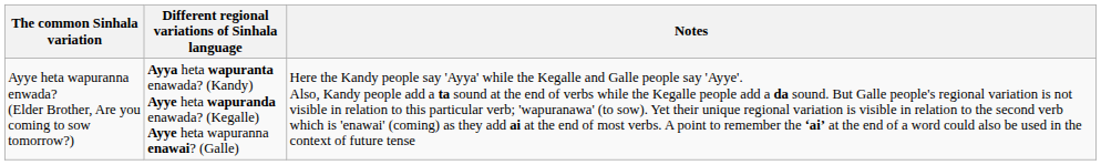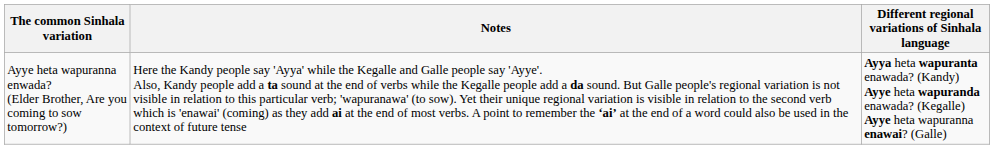 <table class="wikitable">
 <tr>
 <th>The common Sinhala variation</th>
+<th>Notes</th>
 <th>Different regional variations of Sinhala language</th>
-<th>Notes</th>
 </tr>
 <tr>
 <td>Ayye heta wapuranna enwada?<br>(Elder Brother, Are you coming to sow tomorrow?)</td>
+<td>Here the Kandy people say 'Ayya' while the Kegalle and Galle people say 'Ayye'.<br>Also, Kandy people add a <strong>ta</strong> sound at the end of verbs while the Kegalle people add a <strong>da</strong> sound. But Galle people's regional variation is not visible in relation to this particular verb; 'wapuranawa' (to sow). Yet their unique regional variation is visible in relation to the second verb which is 'enawai' (coming) as they add <strong>ai</strong> at the end of most verbs. A point to remember the <strong>‘ai’</strong>  at the end of a word could also be used in the context of future tense</td>
 <td><strong>Ayya</strong> heta <strong>wapuranta</strong> enawada? (Kandy)<br><strong>Ayye</strong> heta <strong>wapuranda</strong> enawada? (Kegalle)<br><strong>Ayye</strong> heta wapuranna <strong>enawai</strong>? (Galle)</td>
-<td>Here the Kandy people say 'Ayya' while the Kegalle and Galle people say 'Ayye'.<br>Also, Kandy people add a <strong>ta</strong> sound at the end of verbs while the Kegalle people add a <strong>da</strong> sound. But Galle people's regional variation is not visible in relation to this particular verb; 'wapuranawa' (to sow). Yet their unique regional variation is visible in relation to the second verb which is 'enawai' (coming) as they add <strong>ai</strong> at the end of most verbs. A point to remember the <strong>‘ai’</strong>  at the end of a word could also be used in the context of future tense</td>
 </tr>
 </table>
